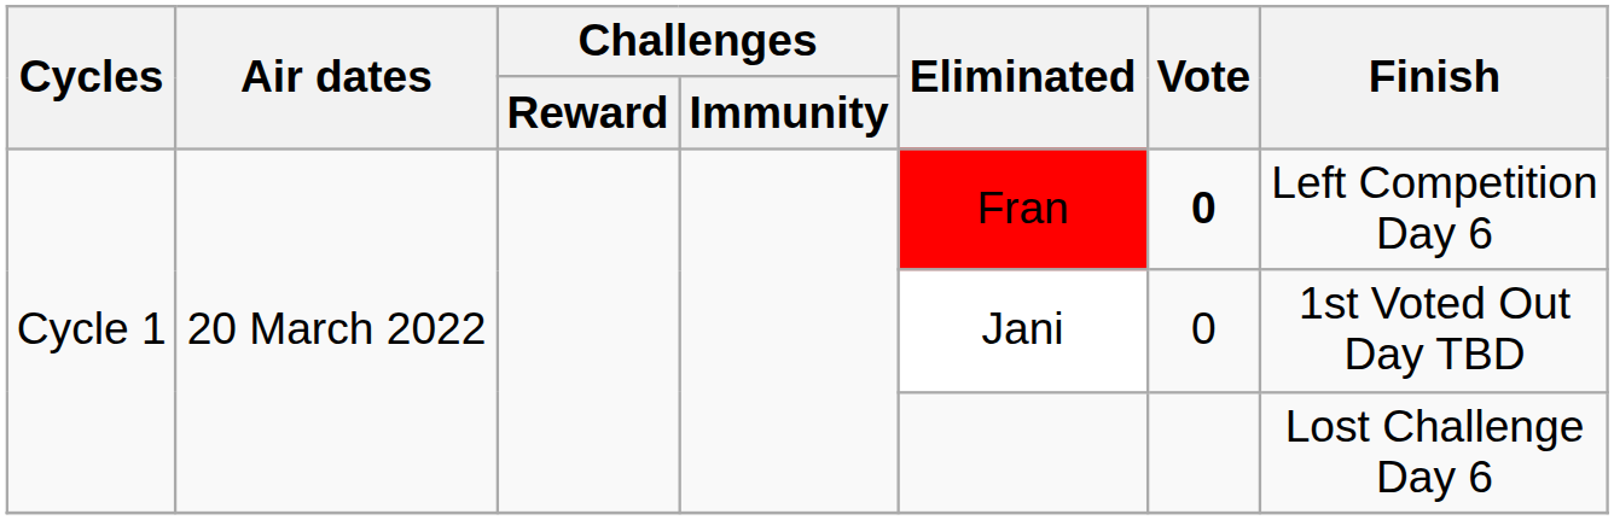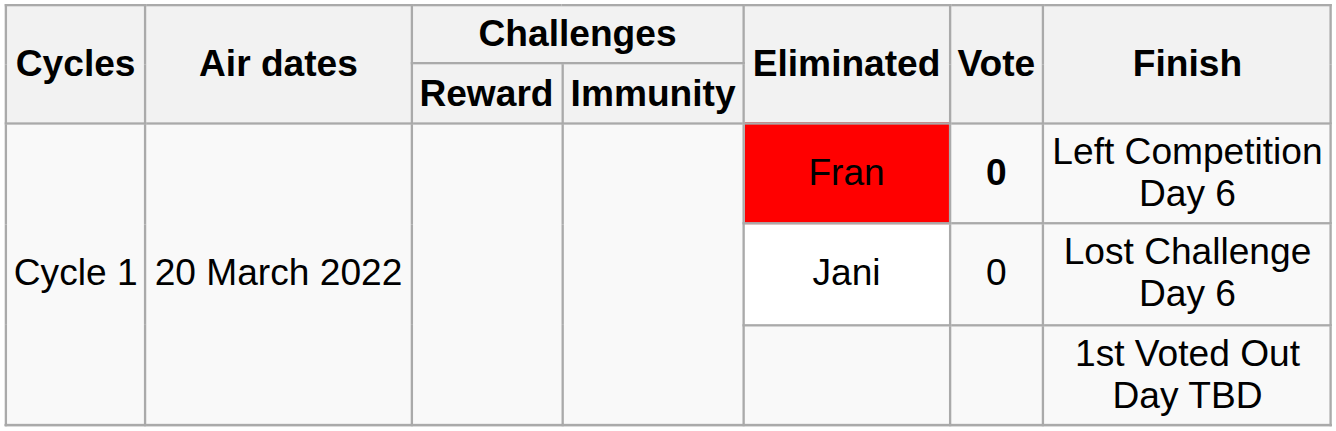 <table class="wikitable" style="margin:auto; text-align:center">
 <tr>
 <th rowspan="2">Cycles</th>
 <th rowspan="2">Air dates</th>
 <th colspan="2">Challenges</th>
 <th rowspan="2">Eliminated</th>
 <th rowspan="2">Vote</th>
 <th rowspan="2">Finish</th>
 </tr>
 <tr>
 <th>Reward</th>
 <th>Immunity</th>
 </tr>
 <tr>
 <td rowspan="3">Cycle 1</td>
 <td rowspan="3">20 March 2022</td>
 <td rowspan="3" bgcolor=""></td>
 <td rowspan="3" bgcolor=""></td>
 <td rowspan="1" bgcolor="red">Fran</td>
 <td rowspan="1"><strong>0</strong></td>
 <td rowspan="1">Left Competition<br>Day 6</td>
 </tr>
 <tr>
 <td rowspan="1" bgcolor="white">Jani</td>
 <td rowspan="1">0</td>
-<td rowspan="1">1st Voted Out<br>Day TBD</td>
+<td rowspan="1">Lost Challenge<br>Day 6</td>
 </tr>
 <tr>
 <td rowspan="1" bgcolor=""></td>
 <td rowspan="1"></td>
-<td rowspan="1">Lost Challenge<br>Day 6</td>
+<td rowspan="1">1st Voted Out<br>Day TBD</td>
 </tr>
 <tr>
 </tr>
 </table>
